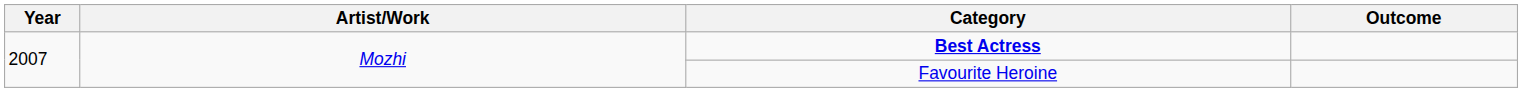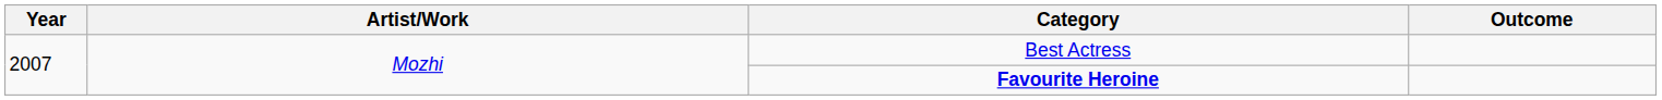 <table class="wikitable" style="width:70%;">
 <tr>
 <th width=5%>Year</th>
 <th style="width:40%;">Artist/Work</th>
 <th style="width:40%;">Category</th>
 <th style="width:15%;">Outcome</th>
 </tr>
 <tr>
 <td rowspan="2" style="text-align:left;">2007</td>
 <td rowspan="2" style="text-align:center;"><em><a href='#'>Mozhi</a></em></td>
-<td style="text-align:center;"><strong><a href='#'>Best Actress</a></strong></td>
+<td style="text-align:center;"><a href='#'>Best Actress</a></td>
 <td></td>
 </tr>
 <tr>
-<td style="text-align:center;"><a href='#'>Favourite Heroine</a></td>
+<td style="text-align:center;"><strong><a href='#'>Favourite Heroine</a></strong></td>
 <td></td>
 </tr>
 </table>
